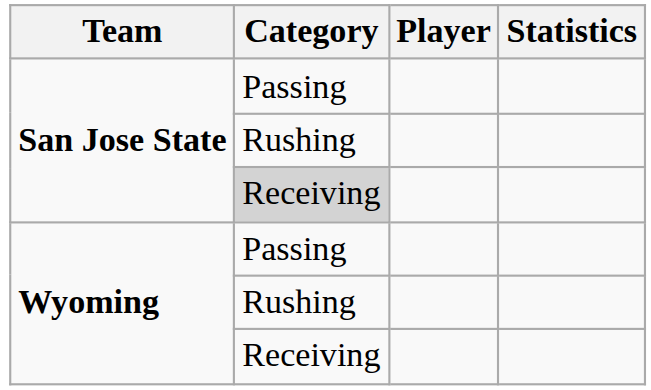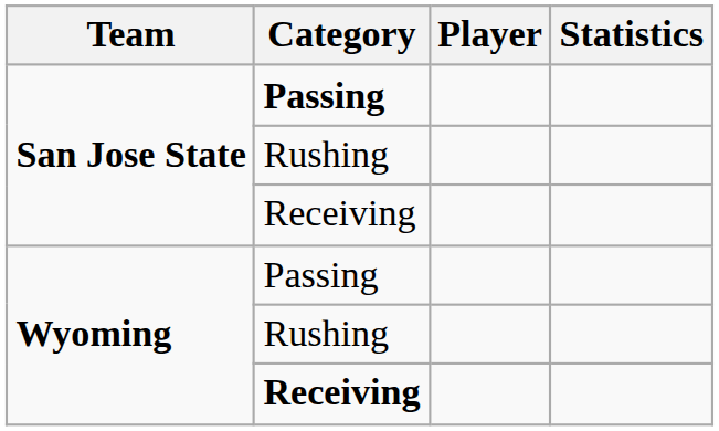 <table class="wikitable" style="float: right;">
 <tr>
 <th>Team</th>
 <th>Category</th>
 <th>Player</th>
 <th>Statistics</th>
 </tr>
 <tr>
 <td rowspan=3><strong>San Jose State</strong></td>
-<td>Passing</td>
+<td><strong>Passing</strong></td>
 <td></td>
 <td></td>
 </tr>
 <tr>
 <td>Rushing</td>
 <td></td>
 <td></td>
 </tr>
 <tr>
-<td style="background: lightgrey;">Receiving</td>
+<td>Receiving</td>
 <td></td>
 <td></td>
 </tr>
 <tr>
 <td rowspan=3><strong>Wyoming</strong></td>
 <td>Passing</td>
 <td></td>
 <td></td>
 </tr>
 <tr>
 <td>Rushing</td>
 <td></td>
 <td></td>
 </tr>
 <tr>
-<td>Receiving</td>
+<td><strong>Receiving</strong></td>
 <td></td>
 <td></td>
 </tr>
 </table>
